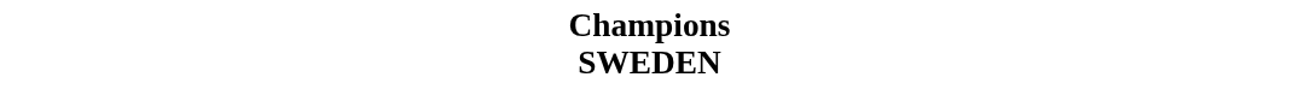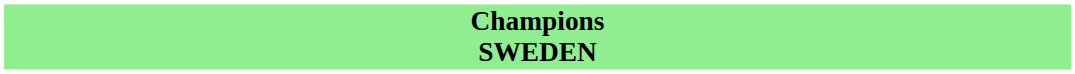 <table cellspacing=0 width=100%>
 <tr>
 <td align=center></td>
 </tr>
 <tr>
-<td align=center><strong>Champions<br>SWEDEN</strong></td>
+<td align=center style="background: lightgreen;"><strong>Champions<br>SWEDEN</strong></td>
 </tr>
 </table>
